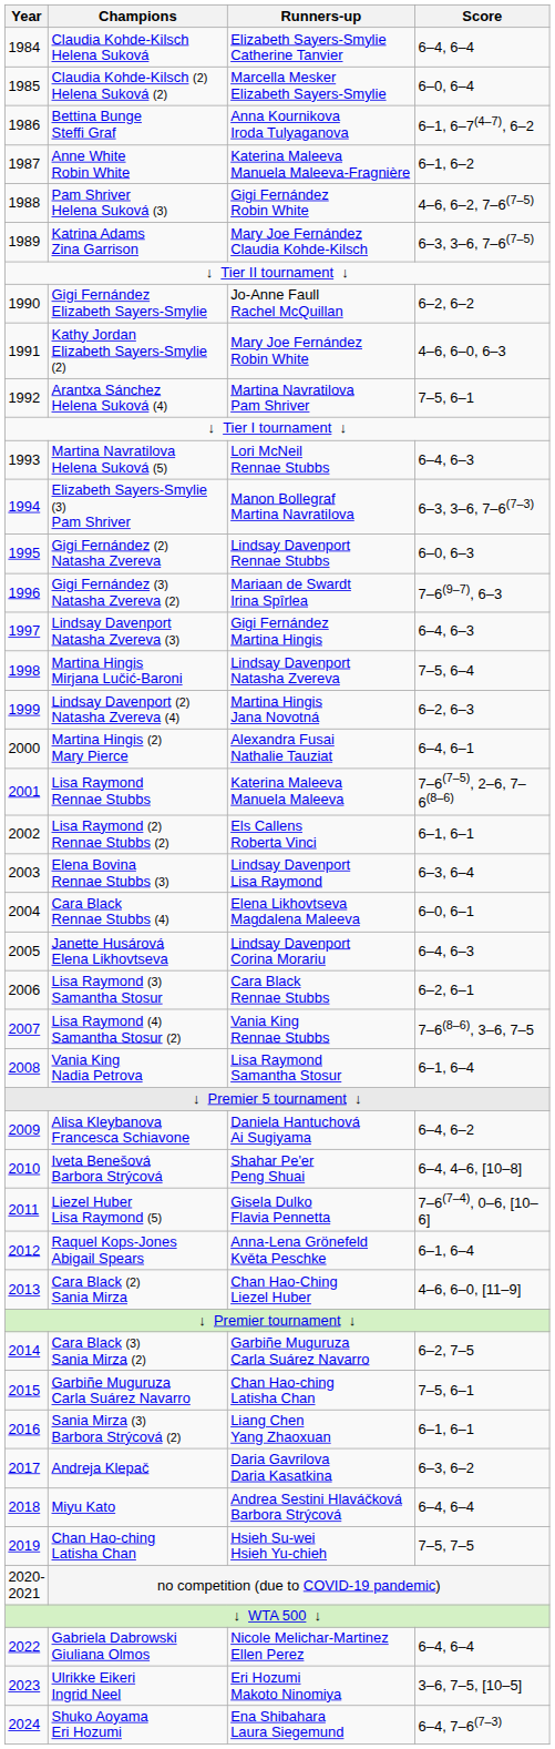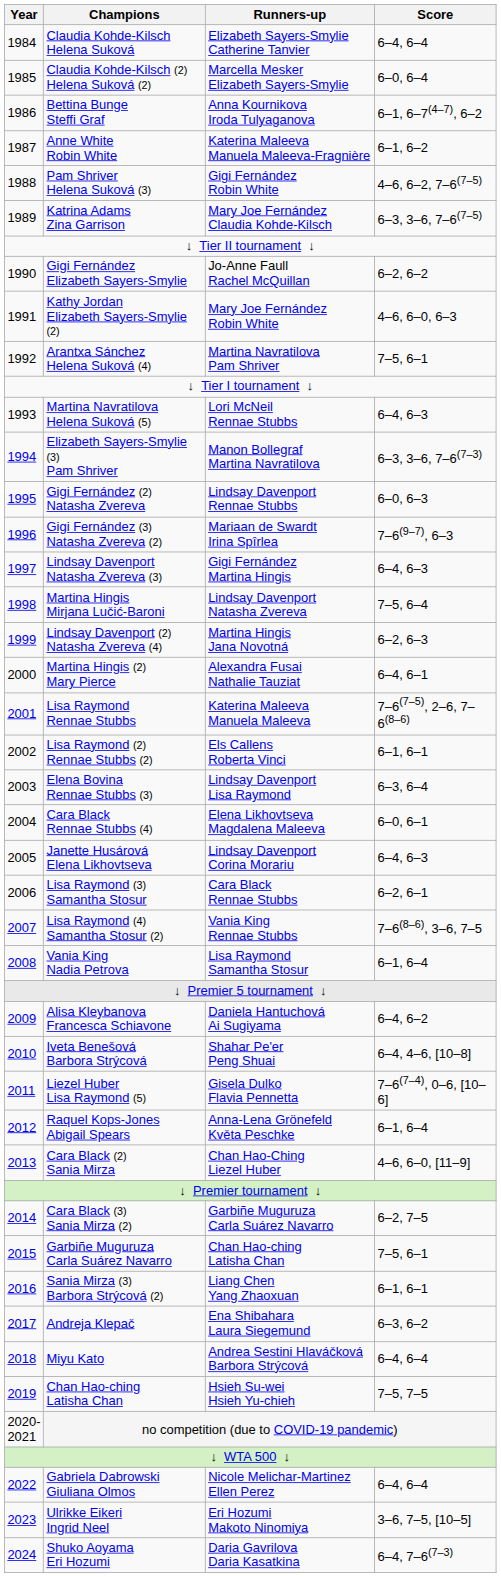 <table class="wikitable">
 <tr>
 <th style="width:40px">Year</th>
 <th style="width:200px">Champions</th>
 <th style="width:210px">Runners-up</th>
 <th style="width:150px" class="unsortable">Score</th>
 </tr>
 <tr>
 <td>1984</td>
 <td> <a href='#'>Claudia Kohde-Kilsch</a> <br> <a href='#'>Helena Suková</a></td>
 <td> <a href='#'>Elizabeth Sayers-Smylie</a> <br> <a href='#'>Catherine Tanvier</a></td>
 <td>6–4, 6–4</td>
 </tr>
 <tr>
 <td>1985</td>
 <td> <a href='#'>Claudia Kohde-Kilsch</a> <small>(2)</small><br> <a href='#'>Helena Suková</a> <small>(2) </small></td>
 <td> <a href='#'>Marcella Mesker</a> <br> <a href='#'>Elizabeth Sayers-Smylie</a></td>
 <td>6–0, 6–4</td>
 </tr>
 <tr>
 <td>1986</td>
 <td> <a href='#'>Bettina Bunge</a> <br> <a href='#'>Steffi Graf</a></td>
 <td> <a href='#'>Anna Kournikova</a> <br> <a href='#'>Iroda Tulyaganova</a></td>
 <td>6–1, 6–7<sup>(4–7)</sup>, 6–2</td>
 </tr>
 <tr>
 <td>1987</td>
 <td> <a href='#'>Anne White</a><br> <a href='#'>Robin White</a></td>
 <td> <a href='#'>Katerina Maleeva</a> <br> <a href='#'>Manuela Maleeva-Fragnière</a></td>
 <td>6–1, 6–2</td>
 </tr>
 <tr>
 <td>1988</td>
 <td> <a href='#'>Pam Shriver</a> <br> <a href='#'>Helena Suková</a> <small>(3) </small></td>
 <td> <a href='#'>Gigi Fernández</a> <br> <a href='#'>Robin White</a></td>
 <td>4–6, 6–2, 7–6<sup>(7–5)</sup></td>
 </tr>
 <tr>
 <td>1989</td>
 <td> <a href='#'>Katrina Adams</a> <br> <a href='#'>Zina Garrison</a></td>
 <td> <a href='#'>Mary Joe Fernández</a> <br> <a href='#'>Claudia Kohde-Kilsch</a></td>
 <td>6–3, 3–6, 7–6<sup>(7–5)</sup></td>
 </tr>
 <tr>
 <td colspan="4" align="center">↓  <a href='#'>Tier II tournament</a>  ↓</td>
 </tr>
 <tr>
 <td>1990</td>
 <td> <a href='#'>Gigi Fernández</a><br> <a href='#'>Elizabeth Sayers-Smylie</a></td>
 <td> Jo-Anne Faull <br>  <a href='#'>Rachel McQuillan</a></td>
 <td>6–2, 6–2</td>
 </tr>
 <tr>
 <td>1991</td>
 <td> <a href='#'>Kathy Jordan</a><br> <a href='#'>Elizabeth Sayers-Smylie</a> <small>(2) </small></td>
 <td> <a href='#'>Mary Joe Fernández</a><br> <a href='#'>Robin White</a></td>
 <td>4–6, 6–0, 6–3</td>
 </tr>
 <tr>
 <td>1992</td>
 <td> <a href='#'>Arantxa Sánchez</a><br> <a href='#'>Helena Suková</a> <small>(4) </small></td>
 <td> <a href='#'>Martina Navratilova</a><br> <a href='#'>Pam Shriver</a></td>
 <td>7–5, 6–1</td>
 </tr>
 <tr>
 <td colspan="4" align="center">↓  <a href='#'>Tier I tournament</a>  ↓</td>
 </tr>
 <tr>
 <td>1993</td>
 <td> <a href='#'>Martina Navratilova</a><br> <a href='#'>Helena Suková</a> <small>(5) </small></td>
 <td> <a href='#'>Lori McNeil</a><br> <a href='#'>Rennae Stubbs</a></td>
 <td>6–4, 6–3</td>
 </tr>
 <tr>
 <td><a href='#'>1994</a></td>
 <td> <a href='#'>Elizabeth Sayers-Smylie</a> <small>(3) </small><br> <a href='#'>Pam Shriver</a></td>
 <td> <a href='#'>Manon Bollegraf</a><br> <a href='#'>Martina Navratilova</a></td>
 <td>6–3, 3–6, 7–6<sup>(7–3)</sup></td>
 </tr>
 <tr>
 <td><a href='#'>1995</a></td>
 <td> <a href='#'>Gigi Fernández</a> <small>(2) </small><br> <a href='#'>Natasha Zvereva</a></td>
 <td> <a href='#'>Lindsay Davenport</a><br> <a href='#'>Rennae Stubbs</a></td>
 <td>6–0, 6–3</td>
 </tr>
 <tr>
 <td><a href='#'>1996</a></td>
 <td> <a href='#'>Gigi Fernández</a> <small>(3) </small><br> <a href='#'>Natasha Zvereva</a> <small>(2) </small></td>
 <td> <a href='#'>Mariaan de Swardt</a> <br> <a href='#'>Irina Spîrlea</a></td>
 <td>7–6<sup>(9–7)</sup>, 6–3</td>
 </tr>
 <tr>
 <td><a href='#'>1997</a></td>
 <td> <a href='#'>Lindsay Davenport</a><br> <a href='#'>Natasha Zvereva</a> <small>(3) </small></td>
 <td> <a href='#'>Gigi Fernández</a><br> <a href='#'>Martina Hingis</a></td>
 <td>6–4, 6–3</td>
 </tr>
 <tr>
 <td><a href='#'>1998</a></td>
 <td> <a href='#'>Martina Hingis</a><br> <a href='#'>Mirjana Lučić-Baroni</a></td>
 <td> <a href='#'>Lindsay Davenport</a><br> <a href='#'>Natasha Zvereva</a></td>
 <td>7–5, 6–4</td>
 </tr>
 <tr>
 <td><a href='#'>1999</a></td>
 <td> <a href='#'>Lindsay Davenport</a> <small>(2) </small><br> <a href='#'>Natasha Zvereva</a> <small>(4) </small></td>
 <td> <a href='#'>Martina Hingis</a><br> <a href='#'>Jana Novotná</a></td>
 <td>6–2, 6–3</td>
 </tr>
 <tr>
 <td>2000</td>
 <td> <a href='#'>Martina Hingis</a> <small>(2) </small><br> <a href='#'>Mary Pierce</a></td>
 <td> <a href='#'>Alexandra Fusai</a><br> <a href='#'>Nathalie Tauziat</a></td>
 <td>6–4, 6–1</td>
 </tr>
 <tr>
 <td><a href='#'>2001</a></td>
 <td> <a href='#'>Lisa Raymond</a><br> <a href='#'>Rennae Stubbs</a></td>
 <td> <a href='#'>Katerina Maleeva</a> <br> <a href='#'>Manuela Maleeva</a></td>
 <td>7–6<sup>(7–5)</sup>, 2–6, 7–6<sup>(8–6)</sup></td>
 </tr>
 <tr>
 <td>2002</td>
 <td> <a href='#'>Lisa Raymond</a> <small>(2) </small><br> <a href='#'>Rennae Stubbs</a> <small>(2) </small></td>
 <td> <a href='#'>Els Callens</a><br> <a href='#'>Roberta Vinci</a></td>
 <td>6–1, 6–1</td>
 </tr>
 <tr>
 <td>2003</td>
 <td> <a href='#'>Elena Bovina</a><br> <a href='#'>Rennae Stubbs</a> <small>(3) </small></td>
 <td> <a href='#'>Lindsay Davenport</a> <br> <a href='#'>Lisa Raymond</a></td>
 <td>6–3, 6–4</td>
 </tr>
 <tr>
 <td>2004</td>
 <td> <a href='#'>Cara Black</a><br> <a href='#'>Rennae Stubbs</a> <small>(4) </small></td>
 <td> <a href='#'>Elena Likhovtseva</a><br> <a href='#'>Magdalena Maleeva</a></td>
 <td>6–0, 6–1</td>
 </tr>
 <tr>
 <td>2005</td>
 <td> <a href='#'>Janette Husárová</a> <br> <a href='#'>Elena Likhovtseva</a></td>
 <td> <a href='#'>Lindsay Davenport</a> <br> <a href='#'>Corina Morariu</a></td>
 <td>6–4, 6–3</td>
 </tr>
 <tr>
 <td>2006</td>
 <td> <a href='#'>Lisa Raymond</a> <small>(3) </small><br> <a href='#'>Samantha Stosur</a></td>
 <td> <a href='#'>Cara Black</a><br> <a href='#'>Rennae Stubbs</a></td>
 <td>6–2, 6–1</td>
 </tr>
 <tr>
 <td><a href='#'>2007</a></td>
 <td> <a href='#'>Lisa Raymond</a> <small>(4) </small><br> <a href='#'>Samantha Stosur</a> <small>(2) </small></td>
 <td> <a href='#'>Vania King</a> <br> <a href='#'>Rennae Stubbs</a></td>
 <td>7–6<sup>(8–6)</sup>, 3–6, 7–5</td>
 </tr>
 <tr>
 <td><a href='#'>2008</a></td>
 <td> <a href='#'>Vania King</a> <br> <a href='#'>Nadia Petrova</a></td>
 <td> <a href='#'>Lisa Raymond</a><br>  <a href='#'>Samantha Stosur</a></td>
 <td>6–1, 6–4</td>
 </tr>
 <tr>
 <td colspan="4" style=background:#E9E9E9 align="center">↓  <a href='#'>Premier 5 tournament</a>  ↓</td>
 </tr>
 <tr>
 <td><a href='#'>2009</a></td>
 <td> <a href='#'>Alisa Kleybanova</a><br> <a href='#'>Francesca Schiavone</a></td>
 <td> <a href='#'>Daniela Hantuchová</a><br> <a href='#'>Ai Sugiyama</a></td>
 <td>6–4, 6–2</td>
 </tr>
 <tr>
 <td><a href='#'>2010</a></td>
 <td> <a href='#'>Iveta Benešová</a> <br> <a href='#'>Barbora Strýcová</a></td>
 <td> <a href='#'>Shahar Pe'er</a> <br> <a href='#'>Peng Shuai</a></td>
 <td>6–4, 4–6, [10–8]</td>
 </tr>
 <tr>
 <td><a href='#'>2011</a></td>
 <td> <a href='#'>Liezel Huber</a><br> <a href='#'>Lisa Raymond</a> <small>(5) </small></td>
 <td> <a href='#'>Gisela Dulko</a><br> <a href='#'>Flavia Pennetta</a></td>
 <td>7–6<sup>(7–4)</sup>, 0–6, [10–6]</td>
 </tr>
 <tr>
 <td><a href='#'>2012</a></td>
 <td> <a href='#'>Raquel Kops-Jones</a><br> <a href='#'>Abigail Spears</a></td>
 <td> <a href='#'>Anna-Lena Grönefeld</a><br> <a href='#'>Květa Peschke</a></td>
 <td>6–1, 6–4</td>
 </tr>
 <tr>
 <td><a href='#'>2013</a></td>
 <td> <a href='#'>Cara Black</a> <small>(2) </small><br> <a href='#'>Sania Mirza</a></td>
 <td> <a href='#'>Chan Hao-Ching</a><br> <a href='#'>Liezel Huber</a></td>
 <td>4–6, 6–0, [11–9]</td>
 </tr>
 <tr>
 <td colspan="4" style=background:#D4F1C5 align="center">↓  <a href='#'>Premier tournament</a>  ↓</td>
 </tr>
 <tr>
 <td><a href='#'>2014</a></td>
 <td> <a href='#'>Cara Black</a> <small>(3) </small><br> <a href='#'>Sania Mirza</a> <small>(2) </small></td>
 <td> <a href='#'>Garbiñe Muguruza</a><br> <a href='#'>Carla Suárez Navarro</a></td>
 <td>6–2, 7–5</td>
 </tr>
 <tr>
 <td><a href='#'>2015</a></td>
 <td> <a href='#'>Garbiñe Muguruza</a><br> <a href='#'>Carla Suárez Navarro</a></td>
 <td> <a href='#'>Chan Hao-ching</a><br> <a href='#'>Latisha Chan</a></td>
 <td>7–5, 6–1</td>
 </tr>
 <tr>
 <td><a href='#'>2016</a></td>
 <td> <a href='#'>Sania Mirza</a> <small>(3) </small><br> <a href='#'>Barbora Strýcová</a> <small>(2) </small></td>
 <td> <a href='#'>Liang Chen</a><br> <a href='#'>Yang Zhaoxuan</a></td>
 <td>6–1, 6–1</td>
 </tr>
 <tr>
 <td><a href='#'>2017</a></td>
 <td> <a href='#'>Andreja Klepač</a><br></td>
-<td> <a href='#'>Daria Gavrilova</a><br> <a href='#'>Daria Kasatkina</a></td>
+<td> <a href='#'>Ena Shibahara</a><br> <a href='#'>Laura Siegemund</a></td>
 <td>6–3, 6–2</td>
 </tr>
 <tr>
 <td><a href='#'>2018</a></td>
 <td> <a href='#'>Miyu Kato</a><br></td>
 <td> <a href='#'>Andrea Sestini Hlaváčková</a><br> <a href='#'>Barbora Strýcová</a></td>
 <td>6–4, 6–4</td>
 </tr>
 <tr>
 <td><a href='#'>2019</a></td>
 <td> <a href='#'>Chan Hao-ching</a><br> <a href='#'>Latisha Chan</a></td>
 <td> <a href='#'>Hsieh Su-wei</a><br> <a href='#'>Hsieh Yu-chieh</a></td>
 <td>7–5, 7–5</td>
 </tr>
 <tr>
 <td>2020-2021</td>
 <td colspan="3" bgcolor="#f5f5f5" align="center">no competition (due to <a href='#'>COVID-19 pandemic</a>)</td>
 </tr>
 <tr>
 <td colspan="4" style=background:#D4F1C5 align="center">↓  <a href='#'>WTA 500</a>  ↓</td>
 </tr>
 <tr>
 <td><a href='#'>2022</a></td>
 <td> <a href='#'>Gabriela Dabrowski</a><br> <a href='#'>Giuliana Olmos</a></td>
 <td> <a href='#'>Nicole Melichar-Martinez</a><br> <a href='#'>Ellen Perez</a></td>
 <td>6–4, 6–4</td>
 </tr>
 <tr>
 <td><a href='#'>2023</a></td>
 <td> <a href='#'>Ulrikke Eikeri</a><br> <a href='#'>Ingrid Neel</a></td>
 <td> <a href='#'>Eri Hozumi</a><br> <a href='#'>Makoto Ninomiya</a></td>
 <td>3–6, 7–5, [10–5]</td>
 </tr>
 <tr>
 <td><a href='#'>2024</a></td>
 <td> <a href='#'>Shuko Aoyama</a><br> <a href='#'>Eri Hozumi</a></td>
-<td> <a href='#'>Ena Shibahara</a><br> <a href='#'>Laura Siegemund</a></td>
+<td> <a href='#'>Daria Gavrilova</a><br> <a href='#'>Daria Kasatkina</a></td>
 <td>6–4, 7–6<sup>(7–3)</sup></td>
 </tr>
 </table>
